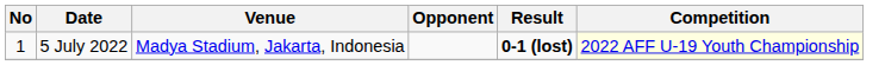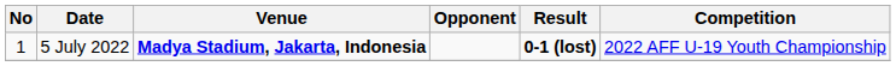 <table class="wikitable">
 <tr>
 <th>No</th>
 <th>Date</th>
 <th>Venue</th>
 <th>Opponent</th>
 <th>Result</th>
 <th>Competition</th>
 </tr>
 <tr>
 <td align=center>1</td>
 <td>5 July 2022</td>
-<td><a href='#'>Madya Stadium</a>, <a href='#'>Jakarta</a>, Indonesia</td>
+<td><strong><a href='#'>Madya Stadium</a>, <a href='#'>Jakarta</a>, Indonesia</strong></td>
 <td></td>
 <td align=center><strong>0-1 (lost)</strong></td>
-<td style="background: lightyellow;"><a href='#'>2022 AFF U-19 Youth Championship</a></td>
+<td><a href='#'>2022 AFF U-19 Youth Championship</a></td>
 </tr>
 <tr>
 </tr>
 </table>
